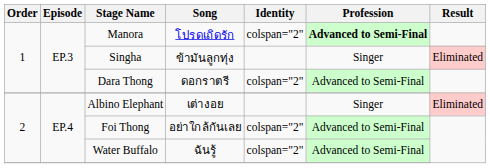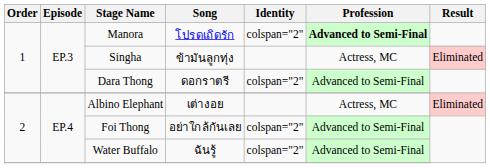 <table class="wikitable">
 <tr>
 <th>Order</th>
 <th>Episode</th>
 <th>Stage Name</th>
 <th>Song</th>
 <th>Identity</th>
 <th>Profession</th>
 <th>Result</th>
 </tr>
 <tr>
 <td rowspan="3" style="text-align:center;">1</td>
 <td rowspan="3" align="center">EP.3</td>
 <td style="text-align:center;">Manora</td>
 <td style="text-align:center;"><a href='#'>โปรดเถิดรัก</a></td>
 <td>colspan="2"  </td>
 <td style="text-align:center; background:#ccffcc;"><strong>Advanced to Semi-Final</strong></td>
 </tr>
 <tr>
 <td style="text-align:center;">Singha</td>
 <td style="text-align:center;">ข้ามันลูกทุ่ง</td>
 <td style="text-align:center;"></td>
-<td style="text-align:center;">Singer</td>
+<td style="text-align:center;">Actress, MC</td>
 <td style="text-align:center; background:#ffcccc;">Eliminated</td>
 </tr>
 <tr>
 <td style="text-align:center;">Dara Thong</td>
 <td style="text-align:center;">ดอกราตรี</td>
 <td>colspan="2"  </td>
 <td style="text-align:center; background:#ccffcc;">Advanced to Semi-Final</td>
 </tr>
 <tr>
 </tr>
 <tr>
 <td rowspan="3" style="text-align:center;">2</td>
 <td rowspan="3" align="center">EP.4</td>
 <td style="text-align:center;">Albino Elephant</td>
 <td style="text-align:center;">เต่างอย</td>
 <td style="text-align:center;"></td>
-<td style="text-align:center;">Singer</td>
+<td style="text-align:center;">Actress, MC</td>
 <td style="text-align:center; background:#ffcccc;">Eliminated</td>
 </tr>
 <tr>
 <td style="text-align:center;">Foi Thong</td>
 <td style="text-align:center;">อย่าใกล้กันเลย</td>
 <td>colspan="2"  </td>
 <td style="text-align:center; background:#ccffcc;">Advanced to Semi-Final</td>
 </tr>
 <tr>
 <td style="text-align:center;">Water Buffalo</td>
 <td style="text-align:center;">ฉันรู้</td>
 <td>colspan="2"  </td>
 <td style="text-align:center; background:#ccffcc;">Advanced to Semi-Final</td>
 </tr>
 <tr>
 </tr>
 </table>
